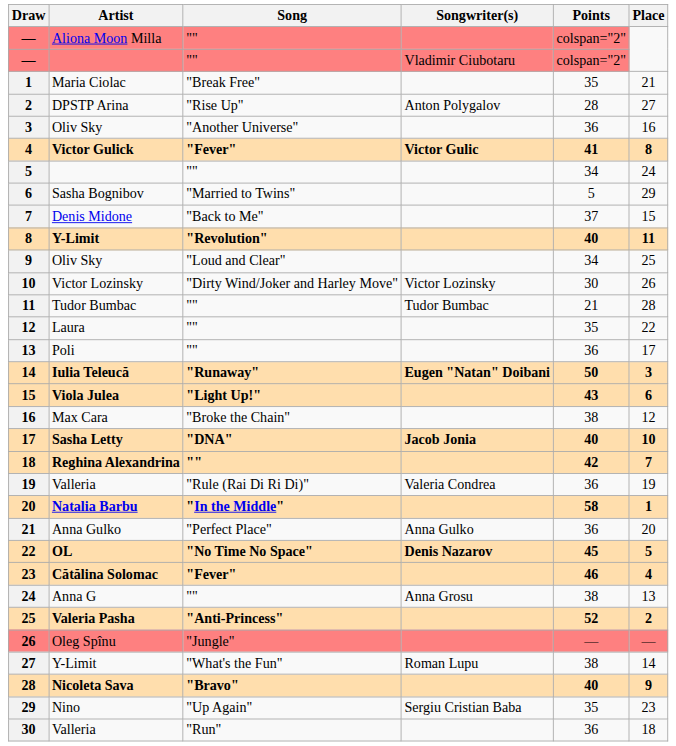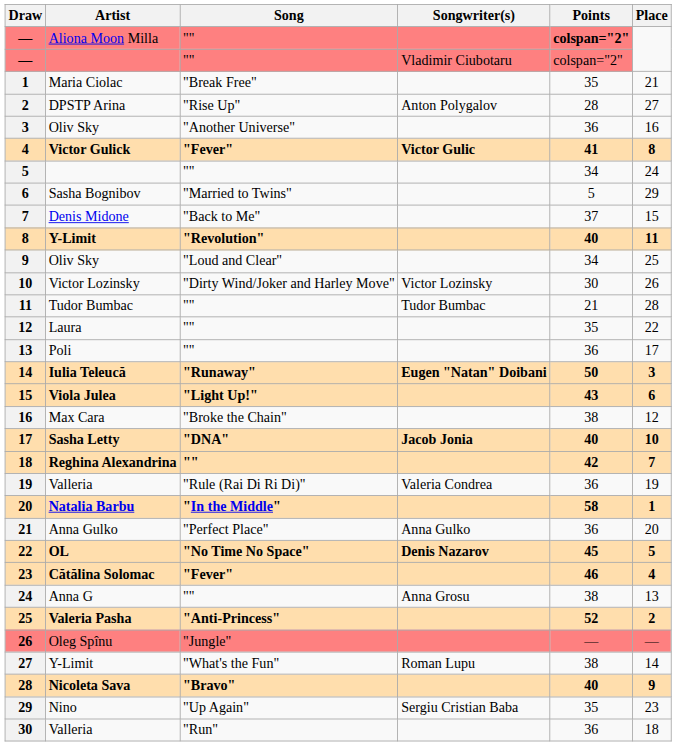 <table class="sortable wikitable plainrowheaders" style="margin: 1em auto 1em auto;">
 <tr>
 <th>Draw</th>
 <th>Artist</th>
 <th>Song</th>
 <th class="unsortable">Songwriter(s)</th>
 <th>Points</th>
 <th>Place</th>
 </tr>
 <tr style="background:#fe8080;">
 <th scope="row" style="text-align:center;background:#fe8080;">—</th>
 <td><a href='#'>Aliona Moon</a>  Milla</td>
 <td>""</td>
 <td></td>
-<td>colspan="2" </td>
+<td><strong>colspan="2" </strong></td>
 </tr>
 <tr style="background:#fe8080;">
 <th scope="row" style="text-align:center;background:#fe8080;">—</th>
 <td></td>
 <td>""</td>
 <td>Vladimir Ciubotaru</td>
 <td>colspan="2" </td>
 </tr>
 <tr>
 <th scope="row" style="text-align:center">1</th>
 <td>Maria Ciolac</td>
 <td>"Break Free"</td>
 <td></td>
 <td style="text-align:center">35</td>
 <td style="text-align:center">21</td>
 </tr>
 <tr>
 <th scope="row" style="text-align:center">2</th>
 <td>DPSTP  Arina</td>
 <td>"Rise Up"</td>
 <td>Anton Polygalov</td>
 <td style="text-align:center">28</td>
 <td style="text-align:center">27</td>
 </tr>
 <tr>
 <th scope="row" style="text-align:center">3</th>
 <td>Oliv Sky</td>
 <td>"Another Universe"</td>
 <td></td>
 <td style="text-align:center">36</td>
 <td style="text-align:center">16</td>
 </tr>
 <tr style="font-weight:bold; background:navajowhite;">
 <th scope="row" style="text-align:center; font-weight:bold; background:navajowhite;">4</th>
 <td>Victor Gulick</td>
 <td>"Fever"</td>
 <td>Victor Gulic</td>
 <td style="text-align:center">41</td>
 <td style="text-align:center">8</td>
 </tr>
 <tr>
 <th scope="row" style="text-align:center">5</th>
 <td></td>
 <td>""</td>
 <td></td>
 <td style="text-align:center">34</td>
 <td style="text-align:center">24</td>
 </tr>
 <tr>
 <th scope="row" style="text-align:center">6</th>
 <td>Sasha Bognibov</td>
 <td>"Married to Twins"</td>
 <td></td>
 <td style="text-align:center">5</td>
 <td style="text-align:center">29</td>
 </tr>
 <tr>
 <th scope="row" style="text-align:center">7</th>
 <td><a href='#'>Denis Midone</a></td>
 <td>"Back to Me"</td>
 <td></td>
 <td style="text-align:center">37</td>
 <td style="text-align:center">15</td>
 </tr>
 <tr style="font-weight:bold; background:navajowhite;">
 <th scope="row" style="text-align:center; font-weight:bold; background:navajowhite;">8</th>
 <td>Y-Limit</td>
 <td>"Revolution"</td>
 <td></td>
 <td style="text-align:center">40</td>
 <td style="text-align:center">11</td>
 </tr>
 <tr>
 <th scope="row" style="text-align:center">9</th>
 <td>Oliv Sky</td>
 <td>"Loud and Clear"</td>
 <td></td>
 <td style="text-align:center">34</td>
 <td style="text-align:center">25</td>
 </tr>
 <tr>
 <th scope="row" style="text-align:center">10</th>
 <td>Victor Lozinsky</td>
 <td>"Dirty Wind/Joker and Harley Move"</td>
 <td>Victor Lozinsky</td>
 <td style="text-align:center">30</td>
 <td style="text-align:center">26</td>
 </tr>
 <tr>
 <th scope="row" style="text-align:center">11</th>
 <td>Tudor Bumbac</td>
 <td>""</td>
 <td>Tudor Bumbac</td>
 <td style="text-align:center">21</td>
 <td style="text-align:center">28</td>
 </tr>
 <tr>
 <th scope="row" style="text-align:center">12</th>
 <td>Laura</td>
 <td>""</td>
 <td></td>
 <td style="text-align:center">35</td>
 <td style="text-align:center">22</td>
 </tr>
 <tr>
 <th scope="row" style="text-align:center">13</th>
 <td>Poli</td>
 <td>""</td>
 <td></td>
 <td style="text-align:center">36</td>
 <td style="text-align:center">17</td>
 </tr>
 <tr style="font-weight:bold; background:navajowhite;">
 <th scope="row" style="text-align:center; font-weight:bold; background:navajowhite;">14</th>
 <td>Iulia Teleucă</td>
 <td>"Runaway"</td>
 <td>Eugen "Natan" Doibani</td>
 <td style="text-align:center">50</td>
 <td style="text-align:center">3</td>
 </tr>
 <tr style="font-weight:bold; background:navajowhite;">
 <th scope="row" style="text-align:center; font-weight:bold; background:navajowhite;">15</th>
 <td>Viola Julea</td>
 <td>"Light Up!"</td>
 <td></td>
 <td style="text-align:center">43</td>
 <td style="text-align:center">6</td>
 </tr>
 <tr>
 <th scope="row" style="text-align:center">16</th>
 <td>Max Cara</td>
 <td>"Broke the Chain"</td>
 <td></td>
 <td style="text-align:center">38</td>
 <td style="text-align:center">12</td>
 </tr>
 <tr style="font-weight:bold; background:navajowhite;">
 <th scope="row" style="text-align:center; font-weight:bold; background:navajowhite;">17</th>
 <td>Sasha Letty</td>
 <td>"DNA"</td>
 <td>Jacob Jonia</td>
 <td style="text-align:center">40</td>
 <td style="text-align:center">10</td>
 </tr>
 <tr style="font-weight:bold; background:navajowhite;">
 <th scope="row" style="text-align:center; font-weight:bold; background:navajowhite;">18</th>
 <td>Reghina Alexandrina</td>
 <td>""</td>
 <td></td>
 <td style="text-align:center">42</td>
 <td style="text-align:center">7</td>
 </tr>
 <tr>
 <th scope="row" style="text-align:center">19</th>
 <td>Valleria</td>
 <td>"Rule (Rai Di Ri Di)"</td>
 <td>Valeria Condrea</td>
 <td style="text-align:center">36</td>
 <td style="text-align:center">19</td>
 </tr>
 <tr style="font-weight:bold; background:navajowhite;">
 <th scope="row" style="text-align:center; font-weight:bold; background:navajowhite;">20</th>
 <td><a href='#'>Natalia Barbu</a></td>
 <td>"<a href='#'>In the Middle</a>"</td>
 <td></td>
 <td style="text-align:center">58</td>
 <td style="text-align:center">1</td>
 </tr>
 <tr>
 <th scope="row" style="text-align:center">21</th>
 <td>Anna Gulko</td>
 <td>"Perfect Place"</td>
 <td>Anna Gulko</td>
 <td style="text-align:center">36</td>
 <td style="text-align:center">20</td>
 </tr>
 <tr style="font-weight:bold; background:navajowhite;">
 <th scope="row" style="text-align:center; font-weight:bold; background:navajowhite;">22</th>
 <td>OL</td>
 <td>"No Time No Space"</td>
 <td>Denis Nazarov</td>
 <td style="text-align:center">45</td>
 <td style="text-align:center">5</td>
 </tr>
 <tr style="font-weight:bold; background:navajowhite;">
 <th scope="row" style="text-align:center; font-weight:bold; background:navajowhite;">23</th>
 <td>Cătălina Solomac</td>
 <td>"Fever"</td>
 <td></td>
 <td style="text-align:center">46</td>
 <td style="text-align:center">4</td>
 </tr>
 <tr>
 <th scope="row" style="text-align:center">24</th>
 <td>Anna G</td>
 <td>""</td>
 <td>Anna Grosu</td>
 <td style="text-align:center">38</td>
 <td style="text-align:center">13</td>
 </tr>
 <tr style="font-weight:bold; background:navajowhite;">
 <th scope="row" style="text-align:center; font-weight:bold; background:navajowhite;">25</th>
 <td>Valeria Pasha</td>
 <td>"Anti-Princess"</td>
 <td></td>
 <td style="text-align:center">52</td>
 <td style="text-align:center">2</td>
 </tr>
 <tr style="background:#fe8080;">
 <th scope="row" style="text-align:center;background:#fe8080;">26</th>
 <td>Oleg Spînu</td>
 <td>"Jungle"</td>
 <td></td>
 <td style="text-align:center">—</td>
 <td data-sort-value="31" align="center">—</td>
 </tr>
 <tr>
 <th scope="row" style="text-align:center">27</th>
 <td>Y-Limit</td>
 <td>"What's the Fun"</td>
 <td>Roman Lupu</td>
 <td style="text-align:center">38</td>
 <td style="text-align:center">14</td>
 </tr>
 <tr style="font-weight:bold; background:navajowhite;">
 <th scope="row" style="text-align:center; font-weight:bold; background:navajowhite;">28</th>
 <td>Nicoleta Sava</td>
 <td>"Bravo"</td>
 <td></td>
 <td style="text-align:center">40</td>
 <td style="text-align:center">9</td>
 </tr>
 <tr>
 <th scope="row" style="text-align:center">29</th>
 <td>Nino</td>
 <td>"Up Again"</td>
 <td>Sergiu Cristian Baba</td>
 <td style="text-align:center">35</td>
 <td style="text-align:center">23</td>
 </tr>
 <tr>
 <th scope="row" style="text-align:center">30</th>
 <td>Valleria</td>
 <td>"Run"</td>
 <td></td>
 <td style="text-align:center">36</td>
 <td style="text-align:center">18</td>
 </tr>
 </table>
